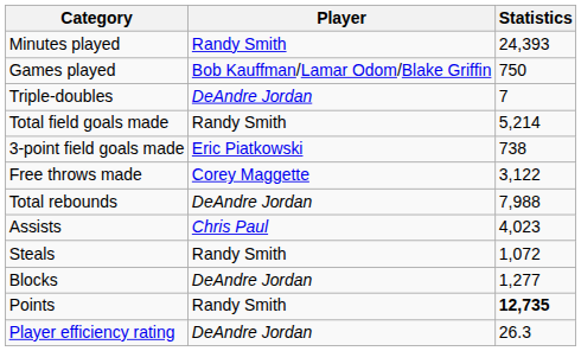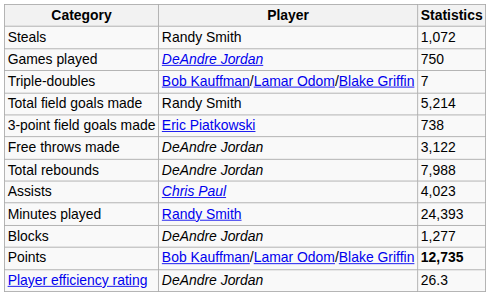 <table class="wikitable">
 <tr>
 <th>Category</th>
 <th>Player</th>
 <th>Statistics</th>
 </tr>
 <tr>
-<td>Minutes played</td>
-<td><a href='#'>Randy Smith</a></td>
-<td>24,393</td>
+<td>Steals</td>
+<td>Randy Smith</td>
+<td>1,072</td>
 </tr>
 <tr>
 <td>Games played</td>
-<td><a href='#'>Bob Kauffman</a>/<a href='#'>Lamar Odom</a>/<a href='#'>Blake Griffin</a></td>
+<td><em><a href='#'>DeAndre Jordan</a></em></td>
 <td>750 </td>
 </tr>
 <tr>
 <td>Triple-doubles</td>
-<td><em><a href='#'>DeAndre Jordan</a></em></td>
+<td><a href='#'>Bob Kauffman</a>/<a href='#'>Lamar Odom</a>/<a href='#'>Blake Griffin</a></td>
 <td>7</td>
 </tr>
 <tr>
 <td>Total field goals made</td>
 <td>Randy Smith</td>
 <td>5,214</td>
 </tr>
 <tr>
 <td>3-point field goals made</td>
 <td><a href='#'>Eric Piatkowski</a></td>
 <td>738</td>
 </tr>
 <tr>
 <td>Free throws made</td>
-<td><a href='#'>Corey Maggette</a></td>
+<td><em>DeAndre Jordan</em></td>
 <td>3,122</td>
 </tr>
 <tr>
 <td>Total rebounds</td>
 <td><em>DeAndre Jordan</em></td>
 <td>7,988</td>
 </tr>
 <tr>
 <td>Assists</td>
 <td><em><a href='#'>Chris Paul</a></em></td>
 <td>4,023</td>
 </tr>
 <tr>
-<td>Steals</td>
-<td>Randy Smith</td>
-<td>1,072</td>
+<td>Minutes played</td>
+<td><a href='#'>Randy Smith</a></td>
+<td>24,393</td>
 </tr>
 <tr>
 <td>Blocks</td>
 <td><em>DeAndre Jordan</em></td>
 <td>1,277</td>
 </tr>
 <tr>
 <td>Points</td>
-<td>Randy Smith</td>
+<td><a href='#'>Bob Kauffman</a>/<a href='#'>Lamar Odom</a>/<a href='#'>Blake Griffin</a></td>
 <td><strong>12,735</strong></td>
 </tr>
 <tr>
 <td><a href='#'>Player efficiency rating</a></td>
 <td><em>DeAndre Jordan</em></td>
 <td>26.3</td>
 </tr>
 </table>
